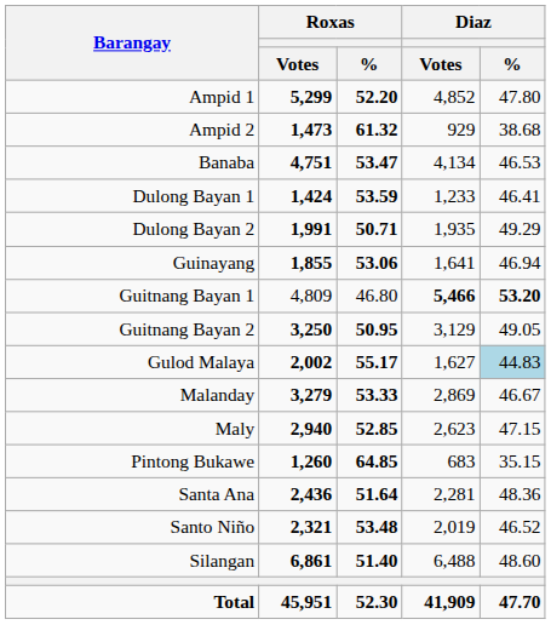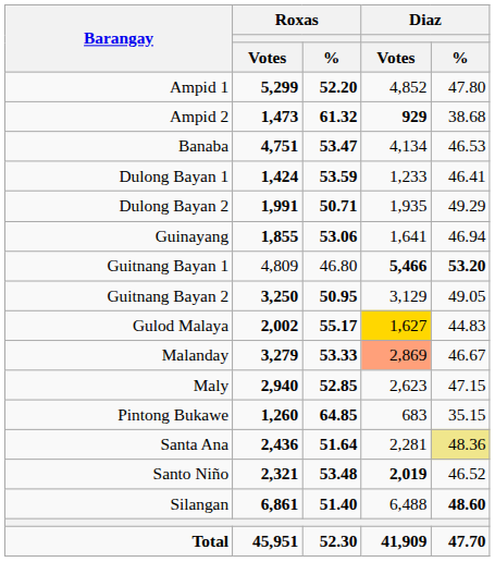 <table class="wikitable collapsed collapsible" style="text-align:right; font-size:95%; line-height:20px;">
 <tr>
 <th rowspan="3" width="200"><a href='#'>Barangay</a></th>
 <th colspan="2" width="110">Roxas</th>
 <th colspan="2" width="110">Diaz</th>
 </tr>
 <tr>
 <th colspan="2" style="background:"></th>
 <th colspan="2" style="background:"></th>
 </tr>
 <tr>
 <th>Votes</th>
 <th>%</th>
 <th>Votes</th>
 <th>%</th>
 </tr>
 <tr>
 <td>Ampid 1</td>
 <td style="background-color:#"><strong>5,299</strong></td>
 <td style="background-color:#"><strong>52.20</strong></td>
 <td>4,852</td>
 <td>47.80</td>
 </tr>
 <tr>
 <td>Ampid 2</td>
 <td style="background-color:#"><strong>1,473</strong></td>
 <td style="background-color:#"><strong>61.32</strong></td>
-<td>929</td>
+<td><strong>929</strong></td>
 <td>38.68</td>
 </tr>
 <tr>
 <td>Banaba</td>
 <td style="background-color:#"><strong>4,751</strong></td>
 <td style="background-color:#"><strong>53.47</strong></td>
 <td>4,134</td>
 <td>46.53</td>
 </tr>
 <tr>
 <td>Dulong Bayan 1</td>
 <td style="background-color:#"><strong>1,424</strong></td>
 <td style="background-color:#"><strong>53.59</strong></td>
 <td>1,233</td>
 <td>46.41</td>
 </tr>
 <tr>
 <td>Dulong Bayan 2</td>
 <td style="background-color:#"><strong>1,991</strong></td>
 <td style="background-color:#"><strong>50.71</strong></td>
 <td>1,935</td>
 <td>49.29</td>
 </tr>
 <tr>
 <td>Guinayang</td>
 <td style="background-color:#"><strong>1,855</strong></td>
 <td style="background-color:#"><strong>53.06</strong></td>
 <td>1,641</td>
 <td>46.94</td>
 </tr>
 <tr>
 <td>Guitnang Bayan 1</td>
 <td>4,809</td>
 <td>46.80</td>
 <td style="background-color:#"><strong>5,466</strong></td>
 <td style="background-color:#"><strong>53.20</strong></td>
 </tr>
 <tr>
 <td>Guitnang Bayan 2</td>
 <td style="background-color:#"><strong>3,250</strong></td>
 <td style="background-color:#"><strong>50.95</strong></td>
 <td>3,129</td>
 <td>49.05</td>
 </tr>
 <tr>
 <td>Gulod Malaya</td>
 <td style="background-color:#"><strong>2,002</strong></td>
 <td style="background-color:#"><strong>55.17</strong></td>
-<td>1,627</td>
-<td style="background: lightblue;">44.83</td>
+<td style="background: gold;">1,627</td>
+<td>44.83</td>
 </tr>
 <tr>
 <td>Malanday</td>
 <td style="background-color:#"><strong>3,279</strong></td>
 <td style="background-color:#"><strong>53.33</strong></td>
-<td>2,869</td>
+<td style="background: lightsalmon;">2,869</td>
 <td>46.67</td>
 </tr>
 <tr>
 <td>Maly</td>
 <td style="background-color:#"><strong>2,940</strong></td>
 <td style="background-color:#"><strong>52.85</strong></td>
 <td>2,623</td>
 <td>47.15</td>
 </tr>
 <tr>
 <td>Pintong Bukawe</td>
 <td style="background-color:#"><strong>1,260</strong></td>
 <td style="background-color:#"><strong>64.85</strong></td>
 <td>683</td>
 <td>35.15</td>
 </tr>
 <tr>
 <td>Santa Ana</td>
 <td style="background-color:#"><strong>2,436</strong></td>
 <td style="background-color:#"><strong>51.64</strong></td>
 <td>2,281</td>
-<td>48.36</td>
+<td style="background: khaki;">48.36</td>
 </tr>
 <tr>
 <td>Santo Niño</td>
 <td style="background-color:#"><strong>2,321</strong></td>
 <td style="background-color:#"><strong>53.48</strong></td>
-<td>2,019</td>
+<td><strong>2,019</strong></td>
 <td>46.52</td>
 </tr>
 <tr>
 <td>Silangan</td>
 <td style="background-color:#"><strong>6,861</strong></td>
 <td style="background-color:#"><strong>51.40</strong></td>
 <td>6,488</td>
-<td>48.60</td>
+<td><strong>48.60</strong></td>
 </tr>
 <tr>
 <th colspan="5"></th>
 </tr>
 <tr>
 <td><strong>Total</strong></td>
 <td style="background-color:#"><strong>45,951</strong></td>
 <td style="background-color:#"><strong>52.30</strong></td>
 <td><strong>41,909</strong></td>
 <td><strong>47.70</strong></td>
 </tr>
 </table>
